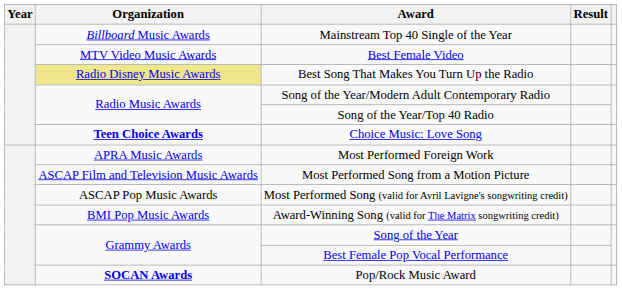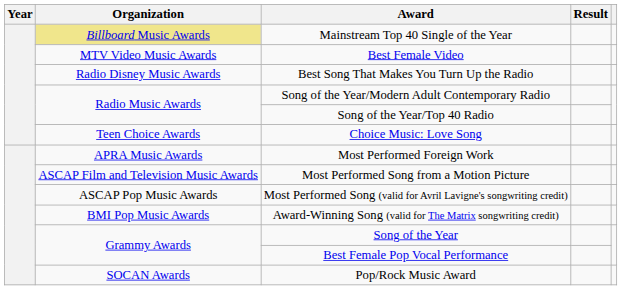 <table class="wikitable plainrowheaders sortable collapsible" style="text-align:center">
 <tr>
 <th scope=col class="sortable">Year</th>
 <th scope=col class="sortable">Organization</th>
 <th scope=col class="sortable">Award</th>
 <th scope=col class="sortable">Result</th>
 <th scope=col class="unsortable"></th>
 </tr>
 <tr>
 <th scope="row" rowspan="6"></th>
-<td scope="row" rowspan="1"><a href='#'><em>Billboard</em> Music Awards</a></td>
+<td scope="row" rowspan="1" style="background: khaki;"><a href='#'><em>Billboard</em> Music Awards</a></td>
 <td>Mainstream Top 40 Single of the Year</td>
 <td></td>
 <td rowspan="1" style="text-align:center;"></td>
 </tr>
 <tr>
 <td scope="row" rowspan="1"><a href='#'>MTV Video Music Awards</a></td>
 <td><a href='#'>Best Female Video</a></td>
 <td></td>
 <td rowspan="1" style="text-align:center;"></td>
 </tr>
 <tr>
-<td scope="row" rowspan="1" style="background: khaki;"><a href='#'>Radio Disney Music Awards</a></td>
+<td scope="row" rowspan="1"><a href='#'>Radio Disney Music Awards</a></td>
 <td>Best Song That Makes You Turn Up the Radio</td>
 <td></td>
 <td rowspan="1" style="text-align:center;"></td>
 </tr>
 <tr>
 <td scope="row" rowspan="2"><a href='#'>Radio Music Awards</a></td>
 <td>Song of the Year/Modern Adult Contemporary Radio</td>
 <td></td>
 <td rowspan="2" style="text-align:center;"></td>
 </tr>
 <tr>
 <td>Song of the Year/Top 40 Radio</td>
 <td></td>
 </tr>
 <tr>
-<td scope="row" rowspan="1"><strong><a href='#'>Teen Choice Awards</a></strong></td>
+<td scope="row" rowspan="1"><a href='#'>Teen Choice Awards</a></td>
 <td><a href='#'>Choice Music: Love Song</a></td>
 <td></td>
 <td rowspan="1" style="text-align:center;"></td>
 </tr>
 <tr>
 <th scope="row" rowspan="7"></th>
 <td scope="row" rowspan="1"><a href='#'>APRA Music Awards</a></td>
 <td>Most Performed Foreign Work</td>
 <td></td>
 <td rowspan="1" style="text-align:center;"></td>
 </tr>
 <tr>
 <td scope="row" rowspan="1"><a href='#'>ASCAP Film and Television Music Awards</a></td>
 <td>Most Performed Song from a Motion Picture </td>
 <td></td>
 <td rowspan="1" style="text-align:center;"></td>
 </tr>
 <tr>
 <td scope="row" rowspan="1">ASCAP Pop Music Awards</td>
 <td>Most Performed Song  <small>(valid for Avril Lavigne's songwriting credit)</small></td>
 <td></td>
 <td rowspan="1" style="text-align:center;"></td>
 </tr>
 <tr>
 <td scope="row" rowspan="1"><a href='#'>BMI Pop Music Awards</a></td>
 <td>Award-Winning Song  <small>(valid for <a href='#'>The Matrix</a> songwriting credit)</small></td>
 <td></td>
 <td rowspan="1" style="text-align:center;"></td>
 </tr>
 <tr>
 <td scope="row" rowspan="2"><a href='#'>Grammy Awards</a></td>
 <td><a href='#'>Song of the Year</a></td>
 <td></td>
 <td rowspan="2" style="text-align:center;"></td>
 </tr>
 <tr>
 <td><a href='#'>Best Female Pop Vocal Performance</a></td>
 <td></td>
 </tr>
 <tr>
-<td scope="row" rowspan="1"><strong><a href='#'>SOCAN Awards</a></strong></td>
+<td scope="row" rowspan="1"><a href='#'>SOCAN Awards</a></td>
 <td>Pop/Rock Music Award </td>
 <td></td>
 <td rowspan="1" style="text-align:center;"></td>
 </tr>
 </table>
